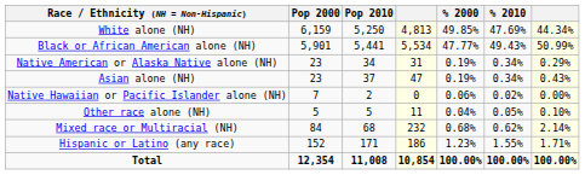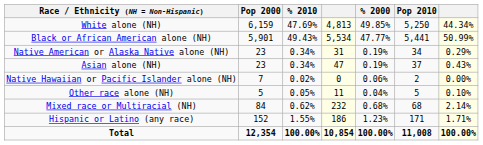 <table class="wikitable" style="text-align:center;">
 <tr>
 <th>Race / Ethnicity <small>(<em>NH = Non-Hispanic</em>)</small></th>
 <th>Pop 2000</th>
-<th>Pop 2010</th>
+<th>% 2010</th>
 <th></th>
 <th>% 2000</th>
-<th>% 2010</th>
+<th>Pop 2010</th>
 <th></th>
 </tr>
 <tr>
 <td><a href='#'>White</a> alone (NH)</td>
 <td>6,159</td>
-<td>5,250</td>
+<td>47.69%</td>
 <td style='background: #ffffe6;'>4,813</td>
 <td>49.85%</td>
-<td>47.69%</td>
+<td>5,250</td>
 <td style='background: #ffffe6;'>44.34%</td>
 </tr>
 <tr>
 <td><a href='#'>Black or African American</a> alone (NH)</td>
 <td>5,901</td>
-<td>5,441</td>
+<td>49.43%</td>
 <td style='background: #ffffe6;'>5,534</td>
 <td>47.77%</td>
-<td>49.43%</td>
+<td>5,441</td>
 <td style='background: #ffffe6;'>50.99%</td>
 </tr>
 <tr>
 <td><a href='#'>Native American</a> or <a href='#'>Alaska Native</a> alone (NH)</td>
 <td>23</td>
-<td>34</td>
+<td>0.34%</td>
 <td style='background: #ffffe6;'>31</td>
 <td>0.19%</td>
-<td>0.34%</td>
+<td>34</td>
 <td style='background: #ffffe6;'>0.29%</td>
 </tr>
 <tr>
 <td><a href='#'>Asian</a> alone (NH)</td>
 <td>23</td>
-<td>37</td>
+<td>0.34%</td>
 <td style='background: #ffffe6;'>47</td>
 <td>0.19%</td>
-<td>0.34%</td>
+<td>37</td>
 <td style='background: #ffffe6;'>0.43%</td>
 </tr>
 <tr>
 <td><a href='#'>Native Hawaiian</a> or <a href='#'>Pacific Islander</a> alone (NH)</td>
 <td>7</td>
-<td>2</td>
+<td>0.02%</td>
 <td style='background: #ffffe6;'>0</td>
 <td>0.06%</td>
-<td>0.02%</td>
+<td>2</td>
 <td style='background: #ffffe6;'>0.00%</td>
 </tr>
 <tr>
 <td><a href='#'>Other race</a> alone (NH)</td>
 <td>5</td>
-<td>5</td>
+<td>0.05%</td>
 <td style='background: #ffffe6;'>11</td>
 <td>0.04%</td>
-<td>0.05%</td>
+<td>5</td>
 <td style='background: #ffffe6;'>0.10%</td>
 </tr>
 <tr>
 <td><a href='#'>Mixed race or Multiracial</a> (NH)</td>
 <td>84</td>
-<td>68</td>
+<td>0.62%</td>
 <td style='background: #ffffe6;'>232</td>
 <td>0.68%</td>
-<td>0.62%</td>
+<td>68</td>
 <td style='background: #ffffe6;'>2.14%</td>
 </tr>
 <tr>
 <td><a href='#'>Hispanic or Latino</a> (any race)</td>
 <td>152</td>
-<td>171</td>
+<td>1.55%</td>
 <td style='background: #ffffe6;'>186</td>
 <td>1.23%</td>
-<td>1.55%</td>
+<td>171</td>
 <td style='background: #ffffe6;'>1.71%</td>
 </tr>
 <tr>
 <td><strong>Total</strong></td>
 <td><strong>12,354</strong></td>
-<td><strong>11,008</strong></td>
+<td><strong>100.00%</strong></td>
 <td style='background: #ffffe6;'><strong>10,854</strong></td>
 <td><strong>100.00%</strong></td>
-<td><strong>100.00%</strong></td>
+<td><strong>11,008</strong></td>
 <td style='background: #ffffe6;'><strong>100.00%</strong></td>
 </tr>
 </table>
